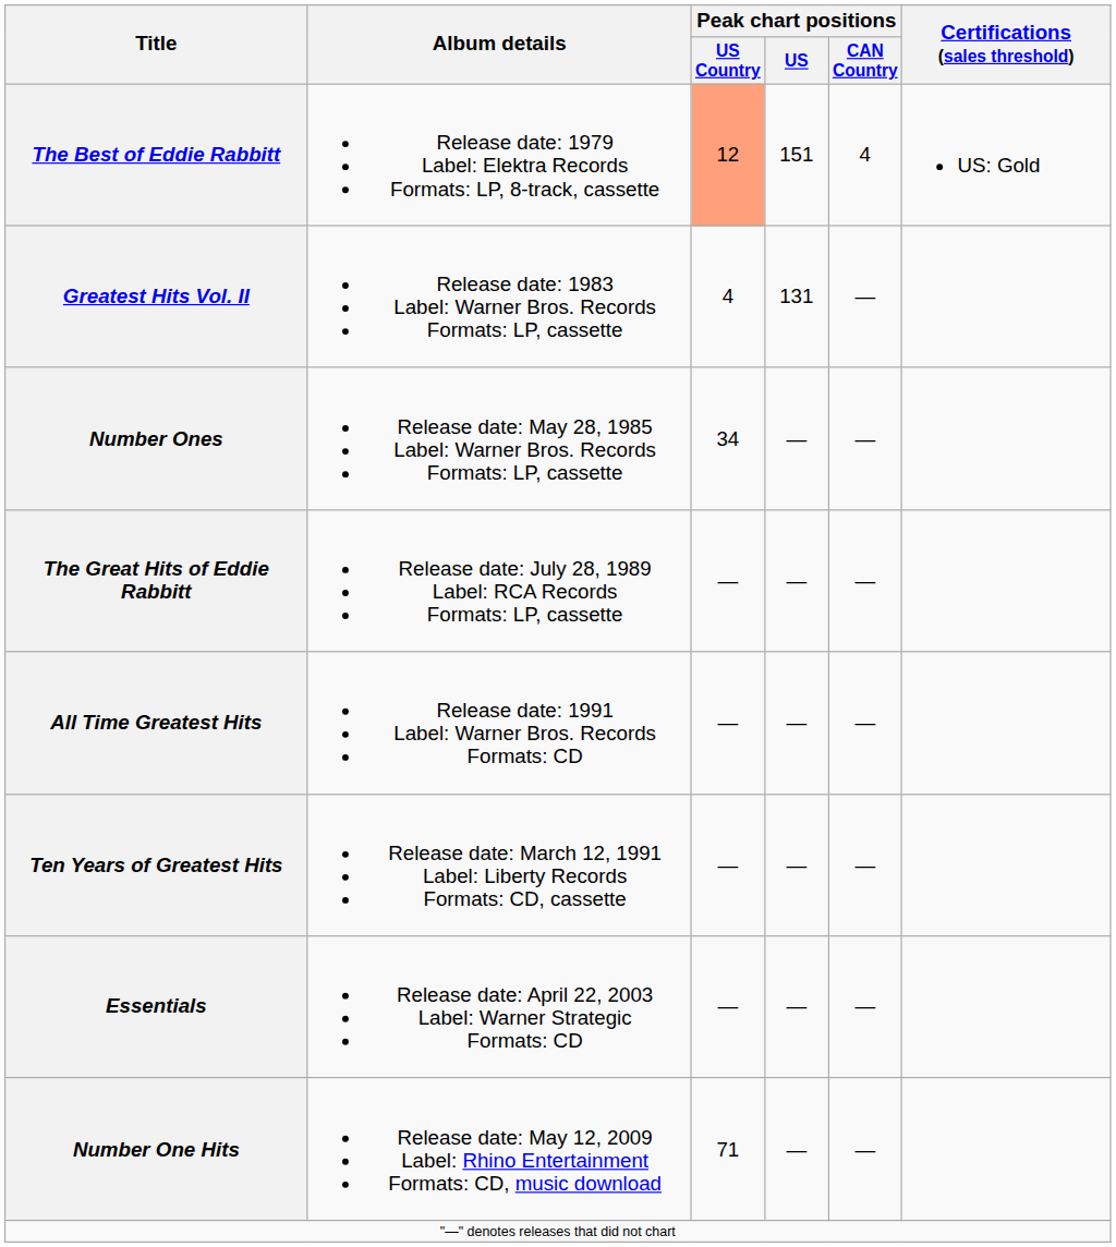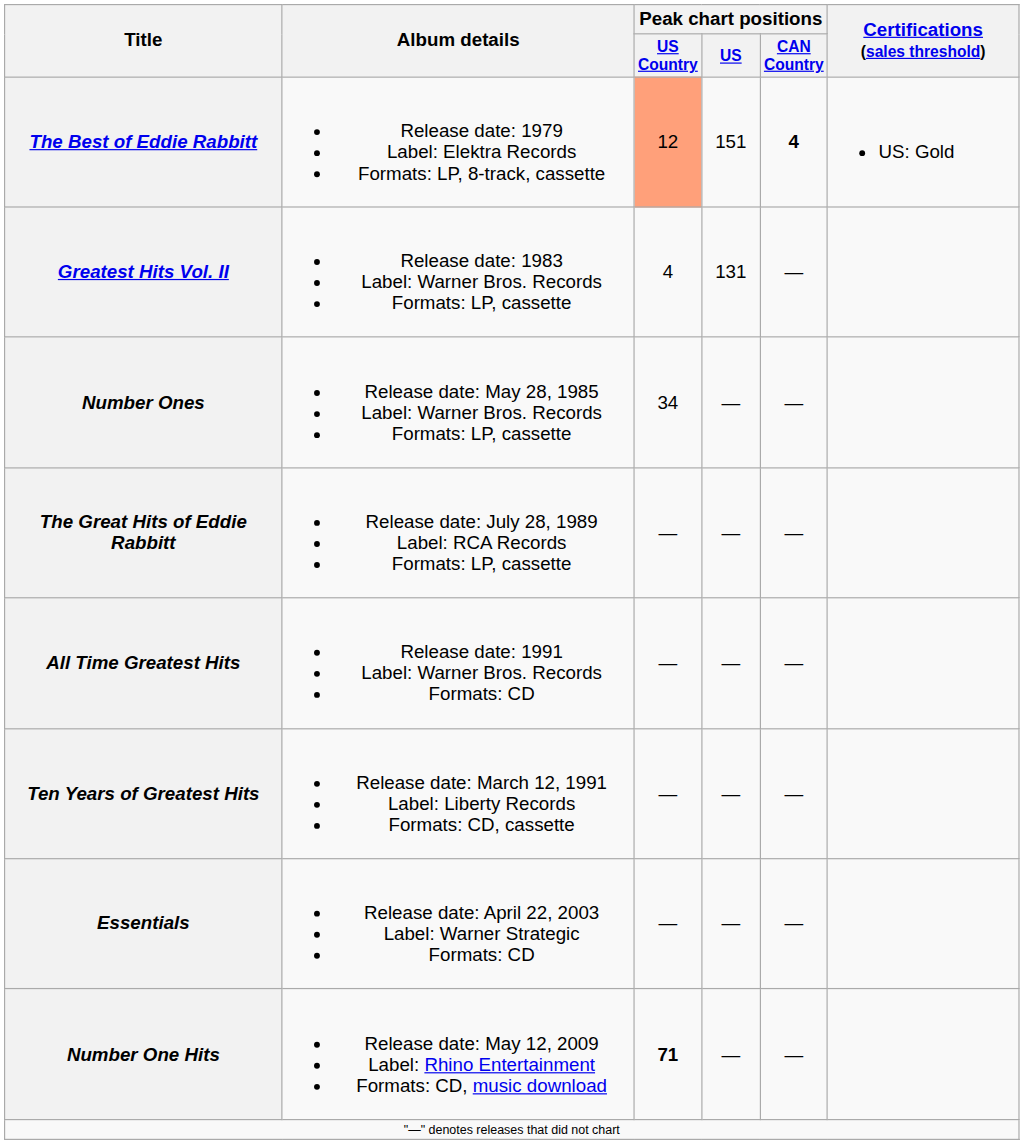 <table class="wikitable plainrowheaders" style="text-align:center;">
 <tr>
 <th rowspan="2" style="width:15em;">Title</th>
 <th rowspan="2" style="width:19em;">Album details</th>
 <th colspan="3">Peak chart positions</th>
 <th rowspan="2" style="width:10em;"><a href='#'>Certifications</a><br><small>(<a href='#'>sales threshold</a>)</small></th>
 </tr>
 <tr style="font-size:smaller;">
 <th width="45"><a href='#'>US Country</a><br></th>
 <th width="45"><a href='#'>US</a><br></th>
 <th width="45"><a href='#'>CAN Country</a><br></th>
 </tr>
 <tr>
 <th scope="row"><em><a href='#'>The Best of Eddie Rabbitt</a></em></th>
 <td><br><ul><li>Release date: 1979</li><li>Label: Elektra Records</li><li>Formats: LP, 8-track, cassette</li></ul></td>
 <td style="background: lightsalmon;">12</td>
 <td>151</td>
-<td>4</td>
+<td><strong>4</strong></td>
 <td align="left"><br><ul><li>US: Gold</li></ul></td>
 </tr>
 <tr>
 <th scope="row"><em><a href='#'>Greatest Hits Vol. II</a></em></th>
 <td><br><ul><li>Release date: 1983</li><li>Label: Warner Bros. Records</li><li>Formats: LP, cassette</li></ul></td>
 <td>4</td>
 <td>131</td>
 <td>—</td>
 <td></td>
 </tr>
 <tr>
 <th scope="row"><em>Number Ones</em></th>
 <td><br><ul><li>Release date: May 28, 1985</li><li>Label: Warner Bros. Records</li><li>Formats: LP, cassette</li></ul></td>
 <td>34</td>
 <td>—</td>
 <td>—</td>
 <td></td>
 </tr>
 <tr>
 <th scope="row"><em>The Great Hits of Eddie Rabbitt</em></th>
 <td><br><ul><li>Release date: July 28, 1989</li><li>Label: RCA Records</li><li>Formats: LP, cassette</li></ul></td>
 <td>—</td>
 <td>—</td>
 <td>—</td>
 <td></td>
 </tr>
 <tr>
 <th scope="row"><em>All Time Greatest Hits</em></th>
 <td><br><ul><li>Release date: 1991</li><li>Label: Warner Bros. Records</li><li>Formats: CD</li></ul></td>
 <td>—</td>
 <td>—</td>
 <td>—</td>
 <td></td>
 </tr>
 <tr>
 <th scope="row"><em>Ten Years of Greatest Hits</em></th>
 <td><br><ul><li>Release date: March 12, 1991</li><li>Label: Liberty Records</li><li>Formats: CD, cassette</li></ul></td>
 <td>—</td>
 <td>—</td>
 <td>—</td>
 <td></td>
 </tr>
 <tr>
 <th scope="row"><em>Essentials</em></th>
 <td><br><ul><li>Release date: April 22, 2003</li><li>Label: Warner Strategic</li><li>Formats: CD</li></ul></td>
 <td>—</td>
 <td>—</td>
 <td>—</td>
 <td></td>
 </tr>
 <tr>
 <th scope="row"><em>Number One Hits</em></th>
 <td><br><ul><li>Release date: May 12, 2009</li><li>Label: <a href='#'>Rhino Entertainment</a></li><li>Formats: CD, <a href='#'>music download</a></li></ul></td>
-<td>71</td>
+<td><strong>71</strong></td>
 <td>—</td>
 <td>—</td>
 <td></td>
 </tr>
 <tr>
 <td colspan="10" style="font-size:8pt">"—" denotes releases that did not chart</td>
 </tr>
 <tr>
 </tr>
 </table>
